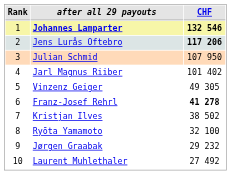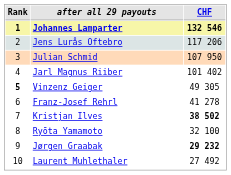 <table cellspacing="1" cellpadding="3" style="border:1px solid #AAAAAA;font-size:86%">
 <tr style="background-color: #E4E4E4;">
 <th style="border-bottom:1px solid #AAAAAA; width: 10px;">Rank</th>
 <th style="border-bottom:1px solid #AAAAAA; width: 200px;"><em>after all 29 payouts</em></th>
 <th style="border-bottom:1px solid #AAAAAA; width: 50px;"><a href='#'>CHF</a></th>
 </tr>
 <tr style="background:#f7f6a8;">
-<td align=center>1</td>
+<td align=center><strong>1</strong></td>
 <td><strong> <a href='#'>Johannes Lamparter</a></strong></td>
 <td align=center><strong>132 546</strong></td>
 </tr>
 <tr style="background:#dce5e5;">
 <td align=center>2</td>
 <td> <a href='#'>Jens Lurås Oftebro</a></td>
-<td align=center><strong>117 206</strong></td>
+<td align=center>117 206</td>
 </tr>
 <tr style="background:#ffdab9;">
 <td align=center>3</td>
 <td> <a href='#'>Julian Schmid</a></td>
 <td align=center>107 950</td>
 </tr>
 <tr>
 <td align=center>4</td>
 <td> <a href='#'>Jarl Magnus Riiber</a></td>
 <td align=center>101 402</td>
 </tr>
 <tr>
-<td align=center>5</td>
+<td align=center><strong>5</strong></td>
 <td> <a href='#'>Vinzenz Geiger</a></td>
 <td align=center>49 305</td>
 </tr>
 <tr>
 <td align=center>6</td>
 <td> <a href='#'>Franz-Josef Rehrl</a></td>
-<td align=center><strong>41 278</strong></td>
+<td align=center>41 278</td>
 </tr>
 <tr>
 <td align=center>7</td>
 <td> <a href='#'>Kristjan Ilves</a></td>
-<td align=center>38 502</td>
+<td align=center><strong>38 502</strong></td>
 </tr>
 <tr>
 <td align=center>8</td>
 <td> <a href='#'>Ryōta Yamamoto</a></td>
 <td align=center>32 100</td>
 </tr>
 <tr>
 <td align=center>9</td>
 <td> <a href='#'>Jørgen Graabak</a></td>
-<td align=center>29 232</td>
+<td align=center><strong>29 232</strong></td>
 </tr>
 <tr>
 <td align=center>10</td>
 <td> <a href='#'>Laurent Muhlethaler</a></td>
 <td align=center>27 492</td>
 </tr>
 <tr>
 </tr>
 </table>
